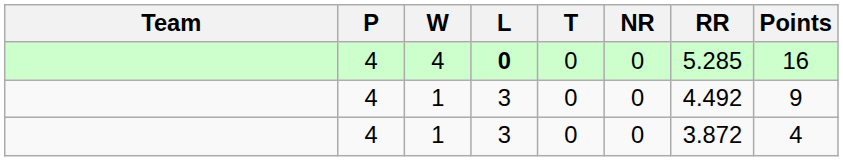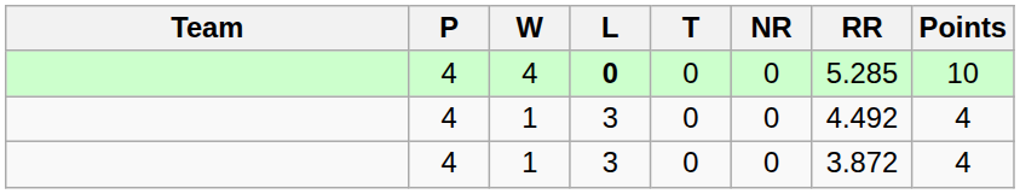 <table class="wikitable" style="text-align: center;">
 <tr>
 <th style="width:40%;">Team</th>
 <th style="width:8%;">P</th>
 <th style="width:8%;">W</th>
 <th style="width:8%;">L</th>
 <th style="width:8%;">T</th>
 <th style="width:8%;">NR</th>
 <th style="width:10%;">RR</th>
 <th style="width:10%;">Points</th>
 </tr>
 <tr style="background:#cfc;">
 <td align=left></td>
 <td>4</td>
 <td>4</td>
 <td><strong>0</strong></td>
 <td>0</td>
 <td>0</td>
 <td>5.285</td>
-<td>16</td>
+<td>10</td>
 </tr>
 <tr>
 <td align=left></td>
 <td>4</td>
 <td>1</td>
 <td>3</td>
 <td>0</td>
 <td>0</td>
 <td>4.492</td>
-<td>9</td>
+<td>4</td>
 </tr>
 <tr>
 <td align=left></td>
 <td>4</td>
 <td>1</td>
 <td>3</td>
 <td>0</td>
 <td>0</td>
 <td>3.872</td>
 <td>4</td>
 </tr>
 </table>
